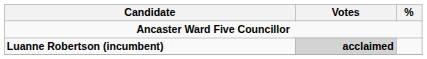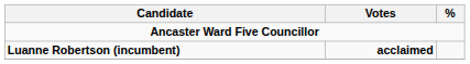 <table class="wikitable" width="40%">
 <tr>
 <th>Candidate</th>
 <th>Votes</th>
 <th>%</th>
 </tr>
 <tr>
 <td colspan="3" align="center"><strong>Ancaster Ward Five Councillor</strong></td>
 </tr>
 <tr>
 <td align="left"><strong>Luanne Robertson (incumbent)</strong></td>
-<td align="right" style="background: lightgrey;"><strong>acclaimed</strong></td>
+<td align="right"><strong>acclaimed</strong></td>
 <td align="right"></td>
 </tr>
 <tr>
 </tr>
 </table>
